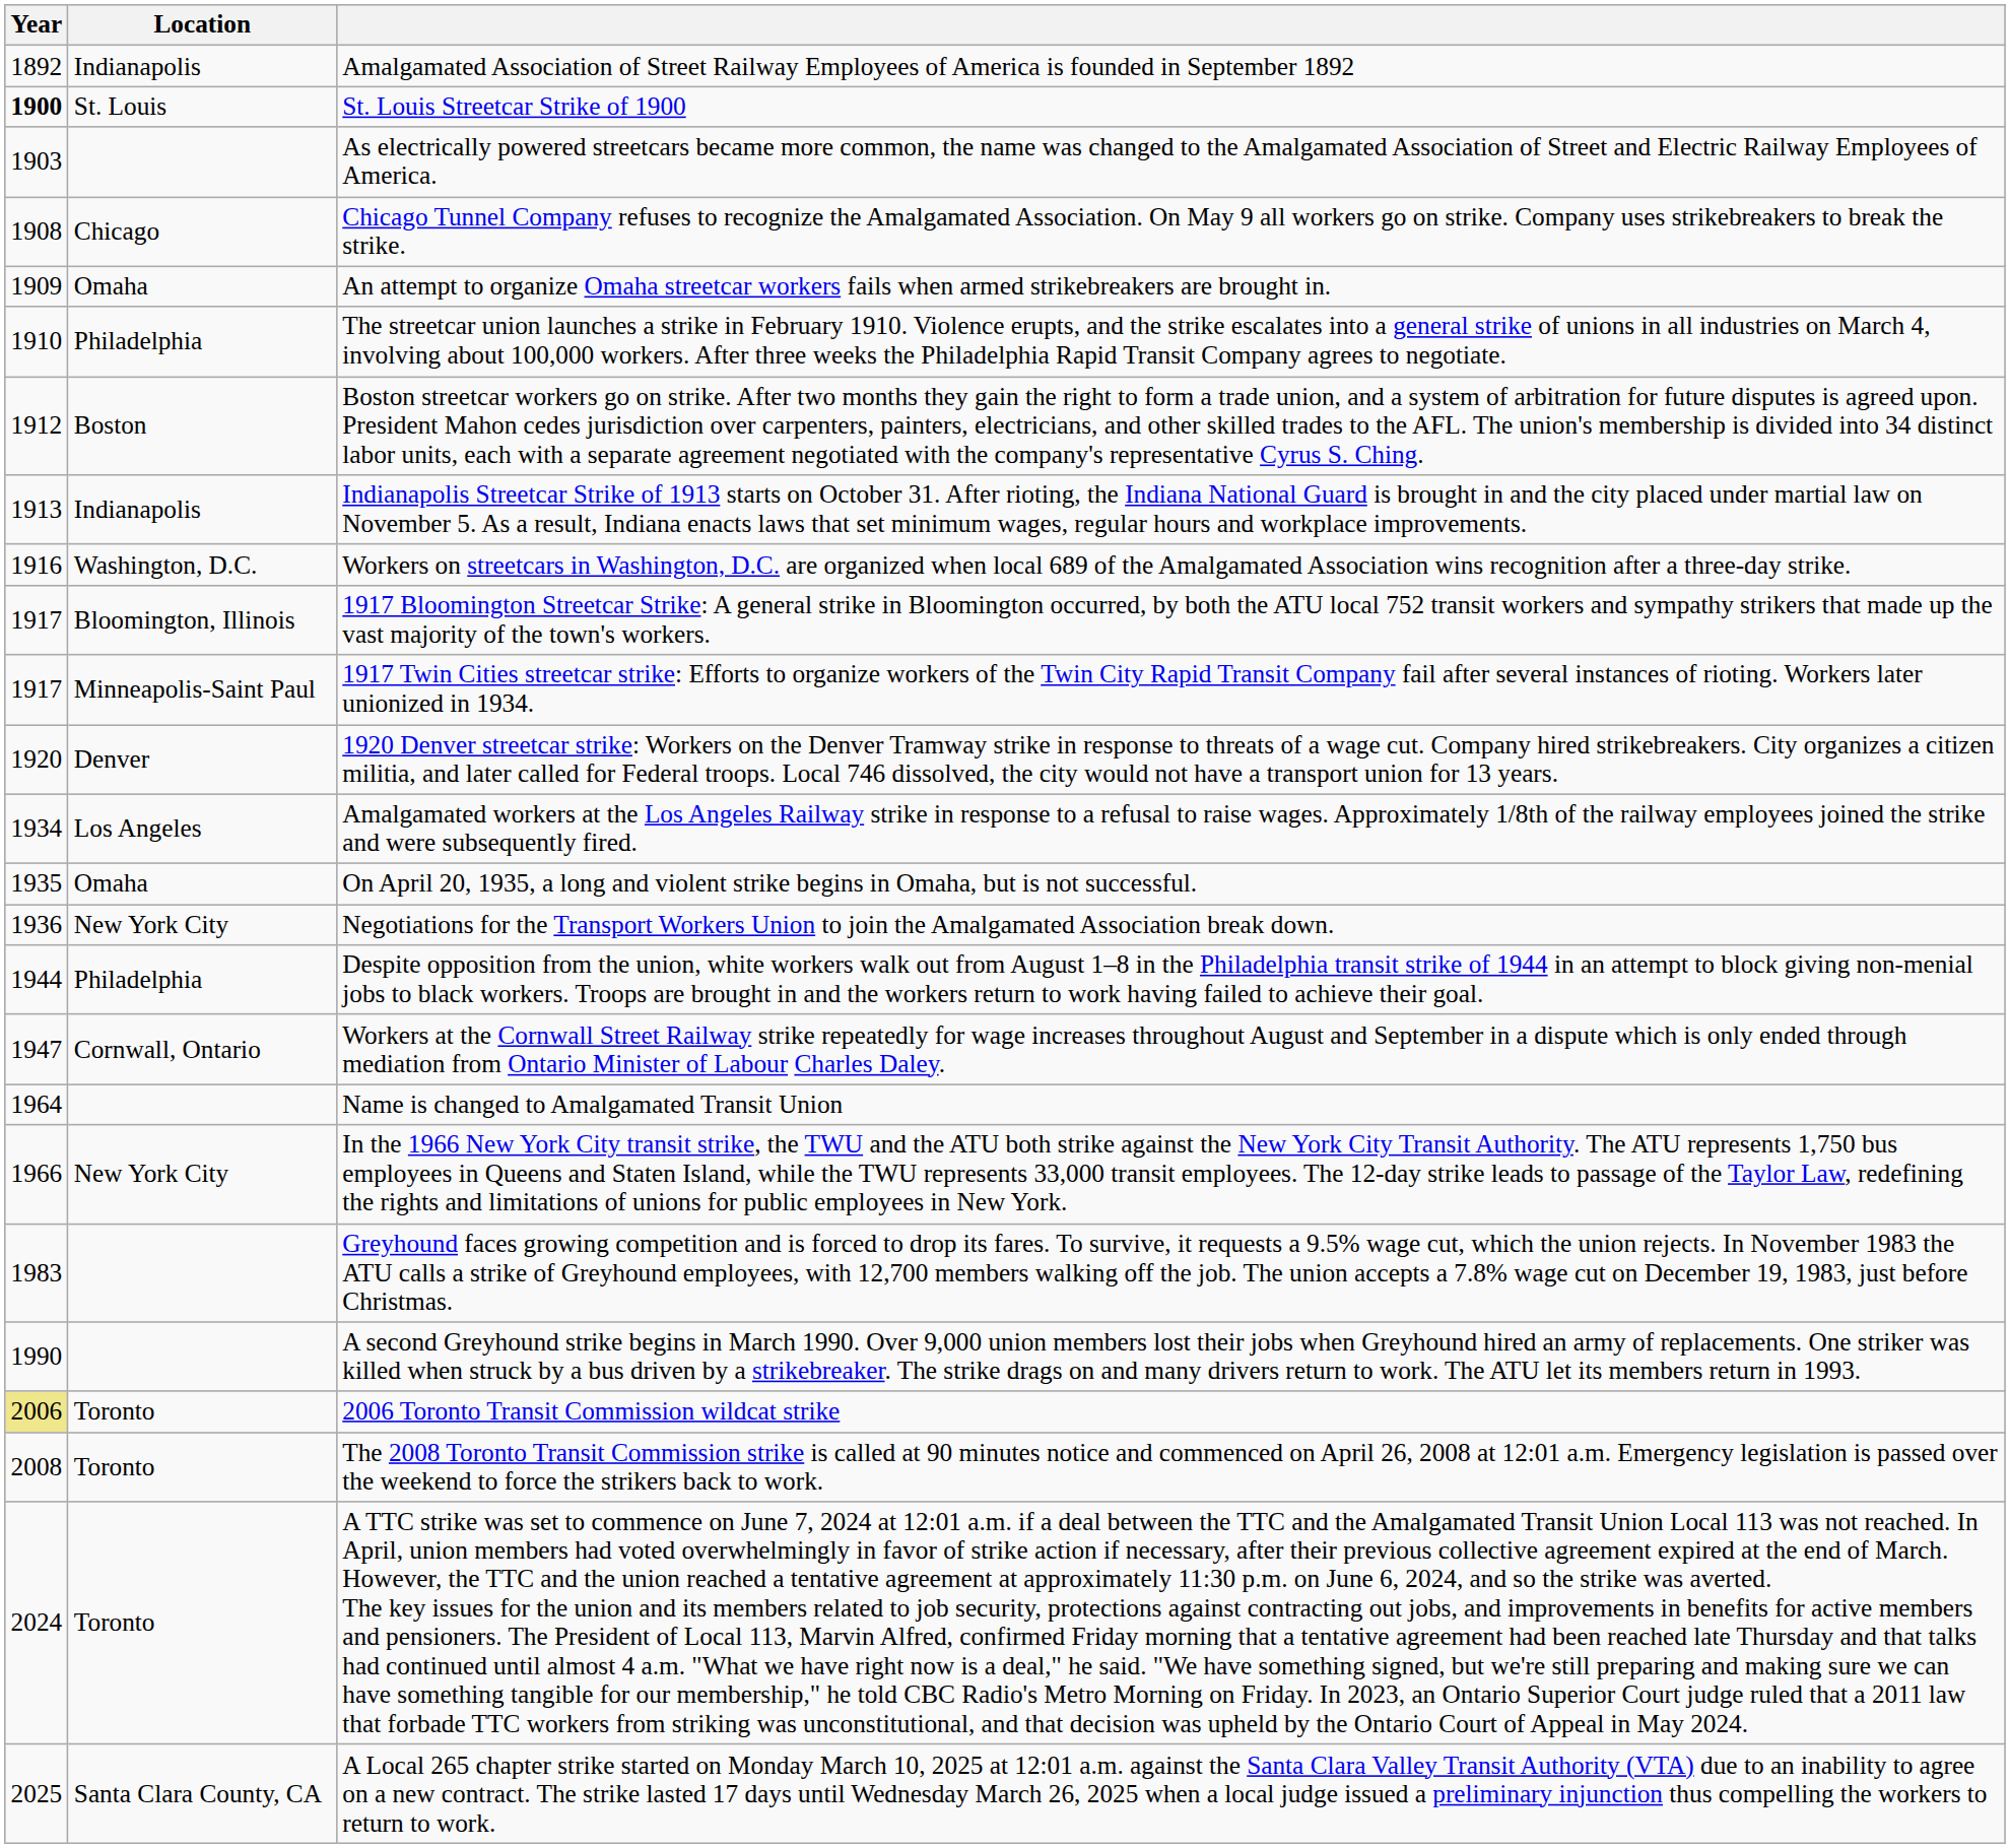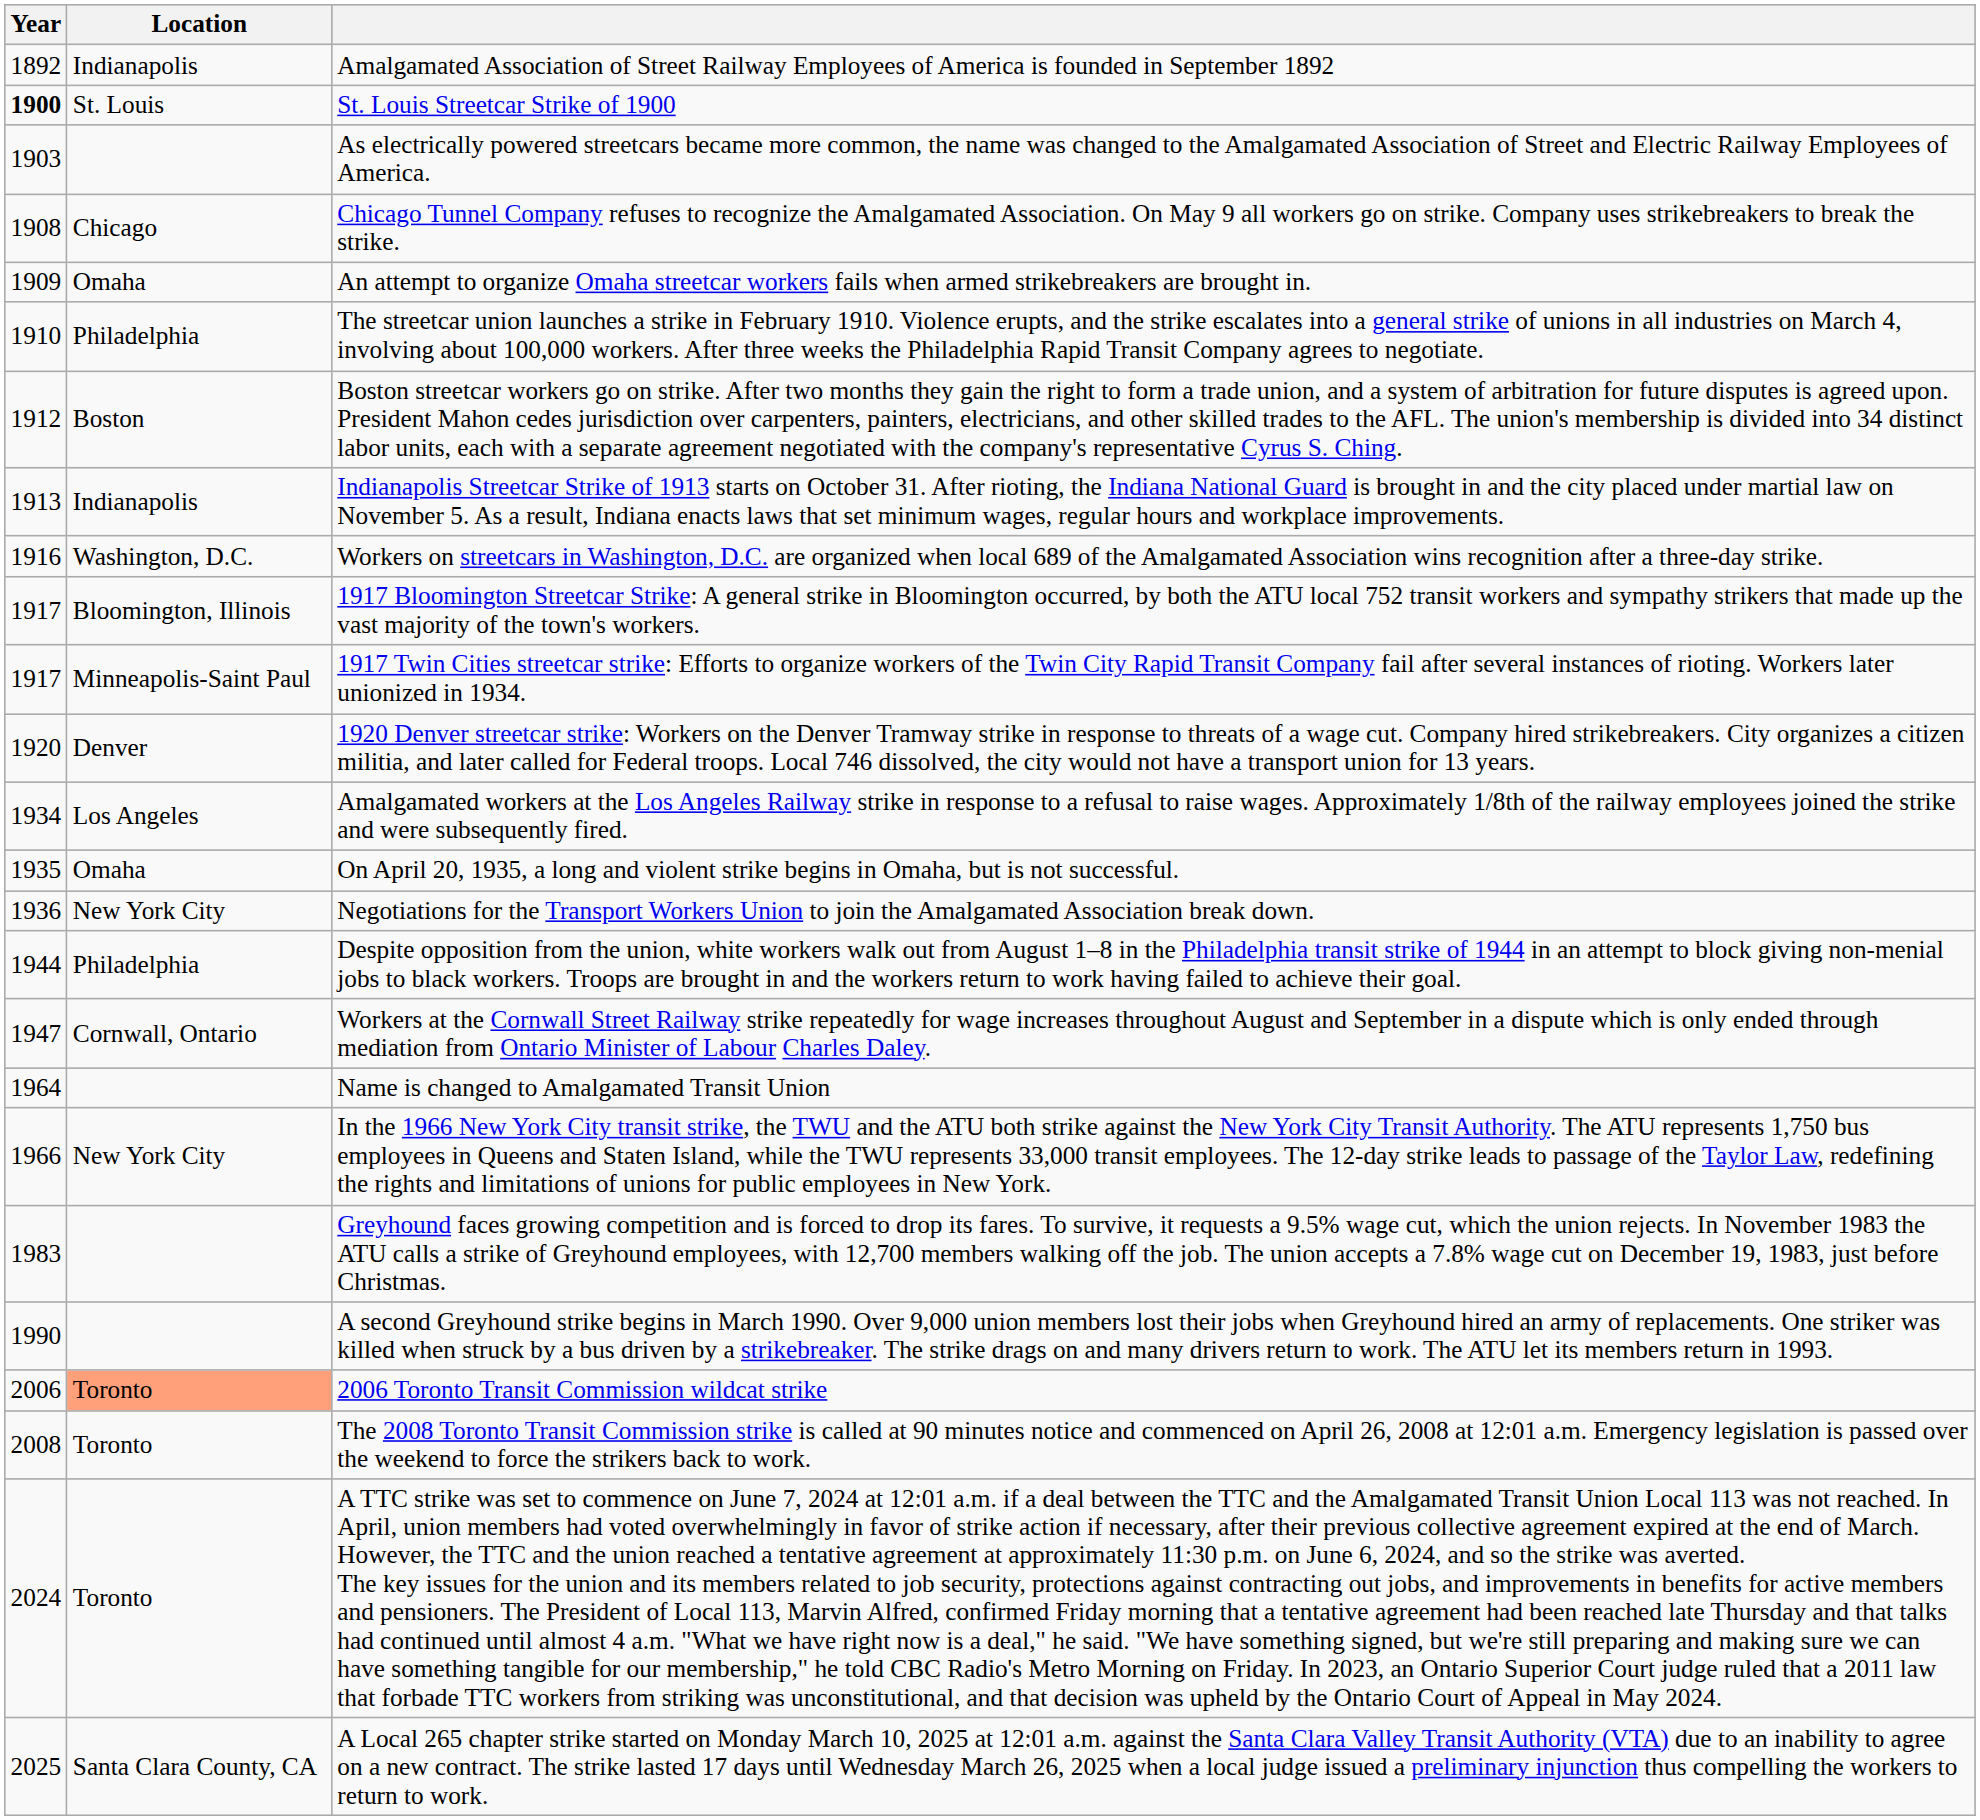 <table class="wikitable sortable">
 <tr>
 <th>Year</th>
 <th>Location</th>
 <th></th>
 </tr>
 <tr>
 <td>1892</td>
 <td style="width:10em">Indianapolis</td>
 <td>Amalgamated Association of Street Railway Employees of America is founded in September 1892</td>
 </tr>
 <tr>
 <td><strong>1900</strong></td>
 <td>St. Louis</td>
 <td><a href='#'>St. Louis Streetcar Strike of 1900</a></td>
 </tr>
 <tr>
 <td>1903</td>
 <td></td>
 <td>As electrically powered streetcars became more common, the name was changed to the Amalgamated Association of Street and Electric Railway Employees of America.</td>
 </tr>
 <tr>
 <td>1908</td>
 <td>Chicago</td>
 <td><a href='#'>Chicago Tunnel Company</a> refuses to recognize the Amalgamated Association. On May 9 all workers go on strike. Company uses strikebreakers to break the strike.</td>
 </tr>
 <tr>
 <td>1909</td>
 <td>Omaha</td>
 <td>An attempt to organize <a href='#'>Omaha streetcar workers</a> fails when armed strikebreakers are brought in.</td>
 </tr>
 <tr>
 <td>1910</td>
 <td>Philadelphia</td>
 <td>The streetcar union launches a strike in February 1910. Violence erupts, and the strike escalates into a <a href='#'>general strike</a> of unions in all industries on March 4, involving about 100,000 workers. After three weeks the Philadelphia Rapid Transit Company agrees to negotiate.</td>
 </tr>
 <tr>
 <td>1912</td>
 <td>Boston</td>
 <td>Boston streetcar workers go on strike. After two months they gain the right to form a trade union, and a system of arbitration for future disputes is agreed upon. President Mahon cedes jurisdiction over carpenters, painters, electricians, and other skilled trades to the AFL. The union's membership is divided into 34 distinct labor units, each with a separate agreement negotiated with the company's representative <a href='#'>Cyrus S. Ching</a>.</td>
 </tr>
 <tr>
 <td>1913</td>
 <td>Indianapolis</td>
 <td><a href='#'>Indianapolis Streetcar Strike of 1913</a> starts on October 31. After rioting, the <a href='#'>Indiana National Guard</a> is brought in and the city placed under martial law on November 5. As a result, Indiana enacts laws that set minimum wages, regular hours and workplace improvements.</td>
 </tr>
 <tr>
 <td>1916</td>
 <td>Washington, D.C.</td>
 <td>Workers on <a href='#'>streetcars in Washington, D.C.</a> are organized when local 689 of the Amalgamated Association wins recognition after a three-day strike.</td>
 </tr>
 <tr>
 <td>1917</td>
 <td>Bloomington, Illinois</td>
 <td><a href='#'>1917 Bloomington Streetcar Strike</a>: A general strike in Bloomington occurred, by both the ATU local 752 transit workers and sympathy strikers that made up the vast majority of the town's workers.</td>
 </tr>
 <tr>
 <td>1917</td>
 <td>Minneapolis-Saint Paul</td>
 <td><a href='#'>1917 Twin Cities streetcar strike</a>: Efforts to organize workers of the <a href='#'>Twin City Rapid Transit Company</a> fail after several instances of rioting. Workers later unionized in 1934.</td>
 </tr>
 <tr>
 <td>1920</td>
 <td>Denver</td>
 <td><a href='#'>1920 Denver streetcar strike</a>: Workers on the Denver Tramway strike in response to threats of a wage cut. Company hired strikebreakers. City organizes a citizen militia, and later called for Federal troops. Local 746 dissolved, the city would not have a transport union for 13 years.</td>
 </tr>
 <tr>
 <td>1934</td>
 <td>Los Angeles</td>
 <td>Amalgamated workers at the <a href='#'>Los Angeles Railway</a> strike in response to a refusal to raise wages. Approximately 1/8th of the railway employees joined the strike and were subsequently fired.</td>
 </tr>
 <tr>
 <td>1935</td>
 <td>Omaha</td>
 <td>On April 20, 1935, a long and violent strike begins in Omaha, but is not successful.</td>
 </tr>
 <tr>
 <td>1936</td>
 <td>New York City</td>
 <td>Negotiations for the <a href='#'>Transport Workers Union</a> to join the Amalgamated Association break down.</td>
 </tr>
 <tr>
 <td>1944</td>
 <td>Philadelphia</td>
 <td>Despite opposition from the union, white workers walk out from August 1–8 in the <a href='#'>Philadelphia transit strike of 1944</a> in an attempt to block giving non-menial jobs to black workers. Troops are brought in and the workers return to work having failed to achieve their goal.</td>
 </tr>
 <tr>
 <td>1947</td>
 <td>Cornwall, Ontario</td>
 <td>Workers at the <a href='#'>Cornwall Street Railway</a> strike repeatedly for wage increases throughout August and September in a dispute which is only ended through mediation from <a href='#'>Ontario Minister of Labour</a> <a href='#'>Charles Daley</a>.</td>
 </tr>
 <tr>
 <td>1964</td>
 <td></td>
 <td>Name is changed to Amalgamated Transit Union</td>
 </tr>
 <tr>
 <td>1966</td>
 <td>New York City</td>
 <td>In the <a href='#'>1966 New York City transit strike</a>, the <a href='#'>TWU</a> and the ATU both strike against the <a href='#'>New York City Transit Authority</a>. The ATU represents 1,750 bus employees in Queens and Staten Island, while the TWU represents 33,000 transit employees. The 12-day strike leads to passage of the <a href='#'>Taylor Law</a>, redefining the rights and limitations of unions for public employees in New York.</td>
 </tr>
 <tr>
 <td>1983</td>
 <td></td>
 <td><a href='#'>Greyhound</a> faces growing competition and is forced to drop its fares. To survive, it requests a 9.5% wage cut, which the union rejects. In November 1983 the ATU calls a strike of Greyhound employees, with 12,700 members walking off the job. The union accepts a 7.8% wage cut on December 19, 1983, just before Christmas.</td>
 </tr>
 <tr>
 <td>1990</td>
 <td></td>
 <td>A second Greyhound strike begins in March 1990. Over 9,000 union members lost their jobs when Greyhound hired an army of replacements. One striker was killed when struck by a bus driven by a <a href='#'>strikebreaker</a>. The strike drags on and many drivers return to work. The ATU let its members return in 1993.</td>
 </tr>
 <tr>
-<td style="background: khaki;">2006</td>
-<td>Toronto</td>
+<td>2006</td>
+<td style="background: lightsalmon;">Toronto</td>
 <td><a href='#'>2006 Toronto Transit Commission wildcat strike</a></td>
 </tr>
 <tr>
 <td>2008</td>
 <td>Toronto</td>
 <td>The <a href='#'>2008 Toronto Transit Commission strike</a> is called at 90 minutes notice and commenced on April 26, 2008 at 12:01 a.m. Emergency legislation is passed over the weekend to force the strikers back to work.</td>
 </tr>
 <tr>
 <td>2024</td>
 <td>Toronto</td>
 <td>A TTC strike was set to commence on June 7, 2024 at 12:01 a.m. if a deal between the TTC and the Amalgamated Transit Union Local 113 was not reached. In April, union members had voted overwhelmingly in favor of strike action if necessary, after their previous collective agreement expired at the end of March. However, the TTC and the union reached a tentative agreement at approximately 11:30 p.m. on June 6, 2024, and so the strike was averted.<br>The key issues for the union and its members related to job security, protections against contracting out jobs, and improvements in benefits for active members and pensioners. The President of Local 113, Marvin Alfred, confirmed Friday morning that a tentative agreement had been reached late Thursday and that talks had continued until almost 4 a.m. "What we have right now is a deal," he said. "We have something signed, but we're still preparing and making sure we can have something tangible for our membership," he told CBC Radio's Metro Morning on Friday. In 2023, an Ontario Superior Court judge ruled that a 2011 law that forbade TTC workers from striking was unconstitutional, and that decision was upheld by the Ontario Court of Appeal in May 2024.</td>
 </tr>
 <tr>
 <td>2025</td>
 <td>Santa Clara County, CA</td>
 <td>A Local 265 chapter strike started on Monday March 10, 2025 at 12:01 a.m. against the <a href='#'> Santa Clara Valley Transit Authority (VTA)</a> due to an inability to agree on a new contract. The strike lasted 17 days until Wednesday March 26, 2025 when a local judge issued a <a href='#'>preliminary injunction</a> thus compelling the workers to return to work.</td>
 </tr>
 <tr>
 </tr>
 </table>
